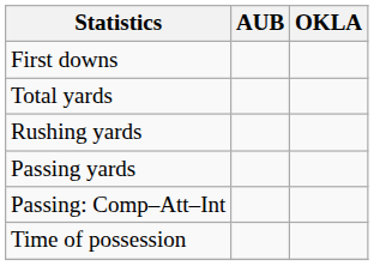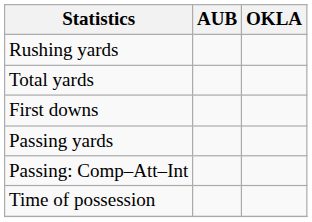 <table class="wikitable" style="float: left;">
 <tr>
 <th>Statistics</th>
 <th>AUB</th>
 <th>OKLA</th>
 </tr>
 <tr>
-<td>First downs</td>
+<td>Rushing yards</td>
 <td></td>
 <td></td>
 </tr>
 <tr>
 <td>Total yards</td>
 <td></td>
 <td></td>
 </tr>
 <tr>
-<td>Rushing yards</td>
+<td>First downs</td>
 <td></td>
 <td></td>
 </tr>
 <tr>
 <td>Passing yards</td>
 <td></td>
 <td></td>
 </tr>
 <tr>
 <td>Passing: Comp–Att–Int</td>
 <td></td>
 <td></td>
 </tr>
 <tr>
 <td>Time of possession</td>
 <td></td>
 <td></td>
 </tr>
 <tr>
 </tr>
 </table>
